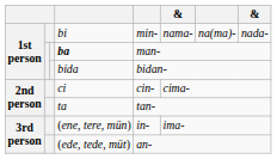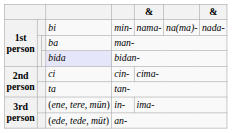 <table class="wikitable">
 <tr>
 <th colspan="3"></th>
 <th></th>
 <th></th>
 <th> & </th>
 <th></th>
 <th> & </th>
 </tr>
 <tr>
 <th rowspan="3">1st<br>person</th>
 <th colspan="2"></th>
 <td><em>bi</em></td>
 <td><em>min-</em></td>
 <td><em>nama-</em></td>
 <td><em>na(ma)-</em></td>
 <td><em>nada-</em></td>
 </tr>
 <tr>
 <th rowspan="2"></th>
 <th></th>
-<td><strong><em>ba</em></strong></td>
+<td><em>ba</em></td>
 <td colspan="4"><em>man-</em></td>
 </tr>
 <tr>
 <th></th>
-<td><em>bida</em></td>
+<td style="background: lavender;"><em>bida</em></td>
 <td colspan="4"><em>bidan-</em></td>
 </tr>
 <tr>
 <th rowspan="2">2nd<br>person</th>
 <th colspan="2"></th>
 <td><em>ci</em></td>
 <td><em>cin-</em></td>
 <td colspan="3"><em>cima-</em></td>
 </tr>
 <tr>
 <th colspan="2"></th>
 <td><em>ta</em></td>
 <td colspan="4"><em>tan-</em></td>
 </tr>
 <tr>
 <th rowspan="2">3rd<br>person</th>
 <th colspan="2"></th>
 <td>(<em>ene, tere, mün</em>)</td>
 <td><em>in-</em></td>
 <td colspan="3"><em>ima-</em></td>
 </tr>
 <tr>
 <th colspan="2"></th>
 <td>(<em>ede, tede, müt</em>)</td>
 <td colspan="4"><em>an-</em></td>
 </tr>
 </table>
